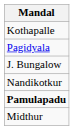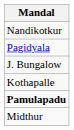 <table class="wikitable sortable static-row-numbers static-row-header-hash">
 <tr>
 <th>Mandal</th>
 </tr>
 <tr>
-<td>Kothapalle</td>
+<td>Nandikotkur</td>
 </tr>
 <tr>
 <td><a href='#'>Pagidyala</a></td>
 </tr>
 <tr>
 <td>J. Bungalow</td>
 </tr>
 <tr>
-<td>Nandikotkur</td>
+<td>Kothapalle</td>
 </tr>
 <tr>
 <td><strong>Pamulapadu</strong></td>
 </tr>
 <tr>
 <td>Midthur</td>
 </tr>
 </table>
